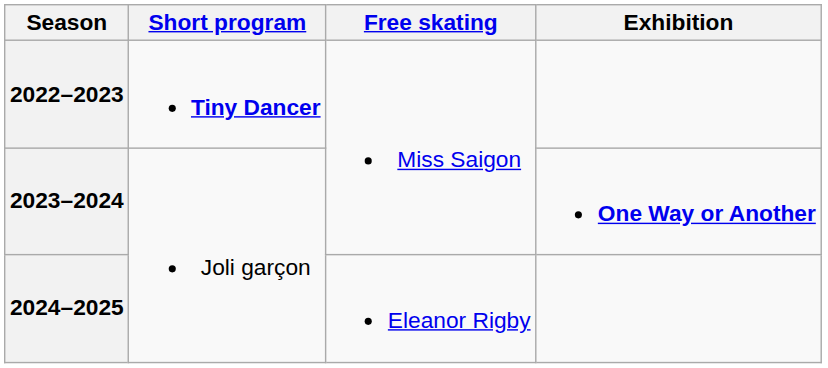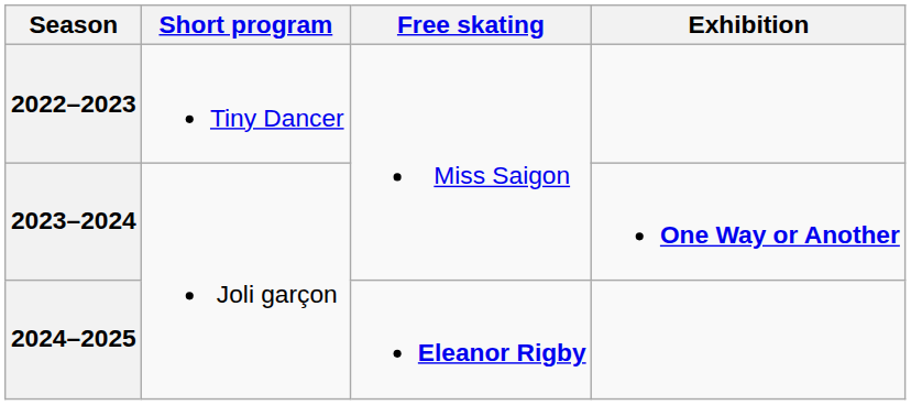 <table class=wikitable style=text-align:center>
 <tr>
 <th>Season</th>
 <th><a href='#'>Short program</a></th>
 <th><a href='#'>Free skating</a></th>
 <th>Exhibition</th>
 </tr>
 <tr>
 <th>2022–2023 <br></th>
-<td><strong><br><ul><li><a href='#'>Tiny Dancer</a> <br> </li></ul></strong></td>
+<td><br><ul><li><a href='#'>Tiny Dancer</a> <br> </li></ul></td>
 <td rowspan=2><br><ul><li><a href='#'>Miss Saigon</a> <br> </li></ul></td>
 <td></td>
 </tr>
 <tr>
 <th>2023–2024 <br></th>
 <td rowspan=2><br><ul><li>Joli garçon <br></li></ul></td>
 <td><strong><br><ul><li><a href='#'>One Way or Another</a> <br> </li></ul></strong></td>
 </tr>
 <tr>
 <th>2024–2025 <br></th>
-<td><br><ul><li><a href='#'>Eleanor Rigby</a>  <br></li></ul></td>
+<td><strong><br><ul><li><a href='#'>Eleanor Rigby</a>  <br></li></ul></strong></td>
 <td></td>
 </tr>
 </table>
